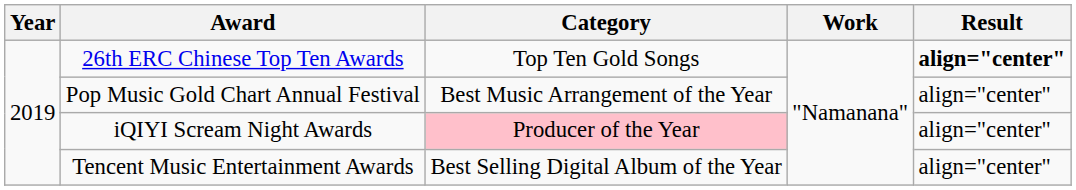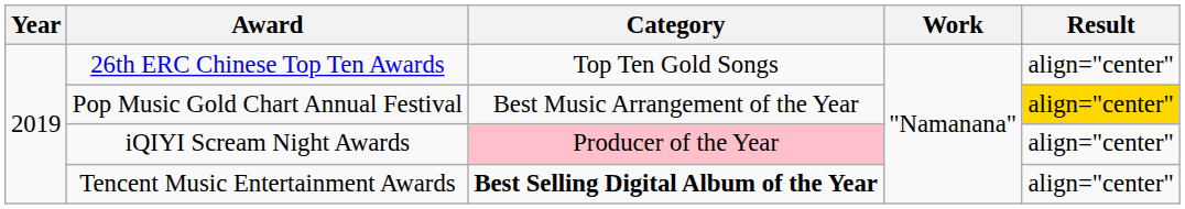 <table class="wikitable">
 <tr>
 <th>Year</th>
 <th>Award</th>
 <th>Category</th>
 <th>Work</th>
 <th>Result</th>
 </tr>
 <tr>
 <td align="center" rowspan="4">2019</td>
 <td align="center"><a href='#'>26th ERC Chinese Top Ten Awards</a></td>
 <td align="center">Top Ten Gold Songs</td>
 <td align="center" rowspan="4">"Namanana"</td>
-<td><strong>align="center" </strong></td>
+<td>align="center" </td>
 </tr>
 <tr>
 <td align="center">Pop Music Gold Chart Annual Festival</td>
 <td align="center">Best Music Arrangement of the Year</td>
-<td>align="center" </td>
+<td style="background: gold;">align="center" </td>
 </tr>
 <tr>
 <td align="center">iQIYI Scream Night Awards</td>
 <td align="center" style="background: pink;">Producer of the Year</td>
 <td>align="center" </td>
 </tr>
 <tr>
 <td align="center">Tencent Music Entertainment Awards</td>
-<td align="center">Best Selling Digital Album of the Year</td>
+<td align="center"><strong>Best Selling Digital Album of the Year</strong></td>
 <td>align="center" </td>
 </tr>
 </table>
